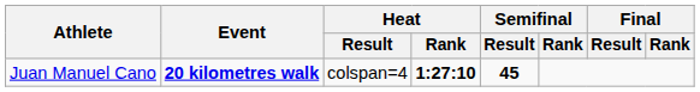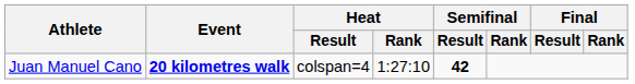 <table class="wikitable" style="font-size:90%">
 <tr>
 <th rowspan="2">Athlete</th>
 <th rowspan="2">Event</th>
 <th colspan="2">Heat</th>
 <th colspan="2">Semifinal</th>
 <th colspan="2">Final</th>
 </tr>
 <tr style="font-size:95%">
 <th>Result</th>
 <th>Rank</th>
 <th>Result</th>
 <th>Rank</th>
 <th>Result</th>
 <th>Rank</th>
 </tr>
 <tr style=text-align:center>
 <td style=text-align:left><a href='#'>Juan Manuel Cano</a></td>
 <td style=text-align:left><strong><a href='#'>20 kilometres walk</a></strong></td>
 <td>colspan=4 </td>
-<td><strong>1:27:10</strong></td>
-<td><strong>45</strong></td>
+<td>1:27:10</td>
+<td><strong>42</strong></td>
 </tr>
 </table>
